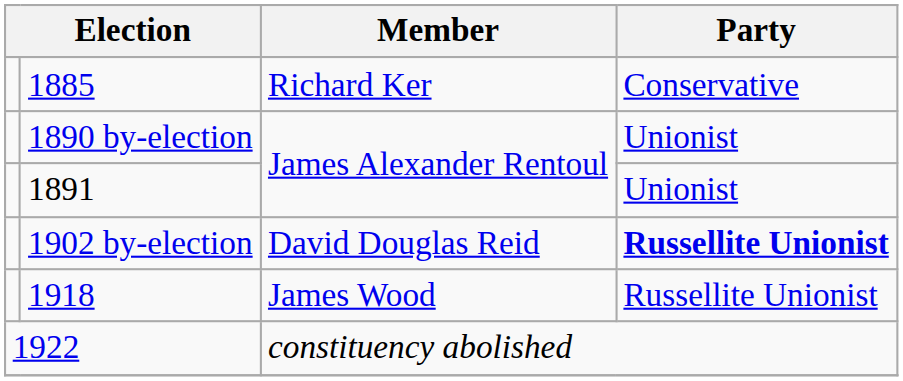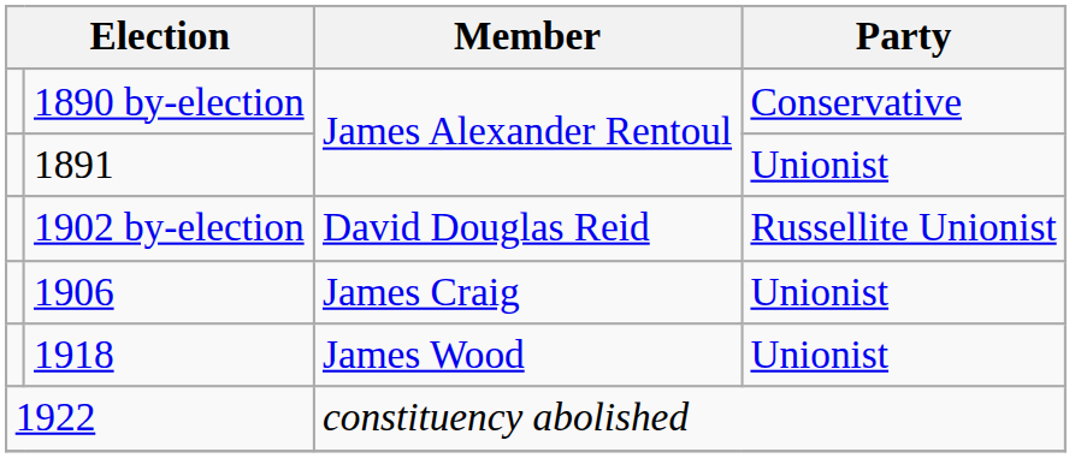 <table class="wikitable">
 <tr>
 <th colspan=2>Election</th>
 <th>Member</th>
 <th>Party</th>
 </tr>
 <tr>
 <td style="color:inherit;background-color: "></td>
-<td><a href='#'>1885</a></td>
-<td><a href='#'>Richard Ker</a></td>
-<td><a href='#'>Conservative</a></td>
-</tr>
-<tr>
-<td style="color:inherit;background-color: "></td>
 <td><a href='#'>1890 by-election</a></td>
 <td rowspan="2"><a href='#'>James Alexander Rentoul</a></td>
-<td><a href='#'>Unionist</a></td>
+<td><a href='#'>Conservative</a></td>
 </tr>
 <tr>
 <td style="color:inherit;background-color: "></td>
 <td>1891</td>
 <td><a href='#'>Unionist</a></td>
 </tr>
 <tr>
 <td style="color:inherit;background-color: "></td>
 <td><a href='#'>1902 by-election</a></td>
 <td><a href='#'>David Douglas Reid</a></td>
-<td><strong><a href='#'>Russellite Unionist</a></strong></td>
+<td><a href='#'>Russellite Unionist</a></td>
+</tr>
+<tr>
+<td style="color:inherit;background-color: "></td>
+<td><a href='#'>1906</a></td>
+<td><a href='#'>James Craig</a></td>
+<td><a href='#'>Unionist</a></td>
 </tr>
 <tr>
 <td style="color:inherit;background-color: "></td>
 <td><a href='#'>1918</a></td>
 <td><a href='#'>James Wood</a></td>
-<td><a href='#'>Russellite Unionist</a></td>
+<td><a href='#'>Unionist</a></td>
 </tr>
 <tr>
 <td colspan="2"><a href='#'>1922</a></td>
 <td colspan="2"><em>constituency abolished</em></td>
 </tr>
 <tr>
 </tr>
 </table>
